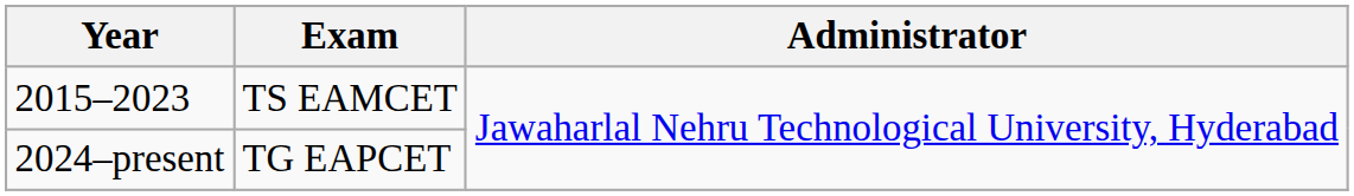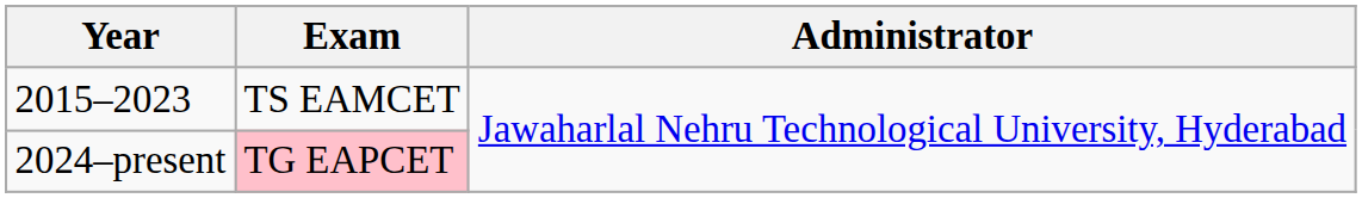 <table class="wikitable">
 <tr>
 <th>Year</th>
 <th>Exam</th>
 <th><strong>Administrator</strong></th>
 </tr>
 <tr>
 <td>2015–2023</td>
 <td>TS EAMCET</td>
 <td rowspan="2"><a href='#'>Jawaharlal Nehru Technological University, Hyderabad</a></td>
 </tr>
 <tr>
 <td>2024–present</td>
-<td>TG EAPCET</td>
+<td style="background: pink;">TG EAPCET</td>
 </tr>
 </table>
